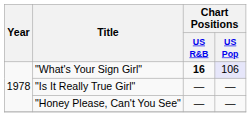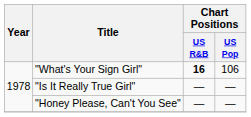 <table class="wikitable" style="text-align:center;">
 <tr>
 <th rowspan="2">Year</th>
 <th rowspan="2">Title</th>
 <th colspan="2">Chart Positions</th>
 </tr>
 <tr>
 <th width="40"><small><a href='#'>US R&B</a></small><br></th>
 <th width="40"><small><a href='#'>US Pop</a></small><br></th>
 </tr>
 <tr>
 <td rowspan="3">1978</td>
 <td align="left">"What's Your Sign Girl"</td>
 <td><strong>16</strong></td>
-<td style="background: lavender;">106</td>
+<td>106</td>
 </tr>
 <tr>
 <td align="left">"Is It Really True Girl"</td>
 <td>—</td>
 <td>—</td>
 </tr>
 <tr>
 <td align="left">"Honey Please, Can't You See"</td>
 <td>—</td>
 <td>—</td>
 </tr>
 <tr>
 </tr>
 </table>
